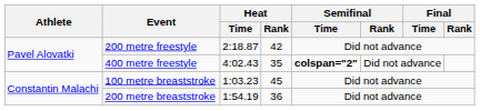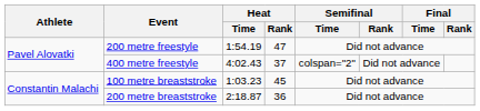 <table class="wikitable" style="text-align:center; font-size:90%; width:50%;">
 <tr>
 <th rowspan="2">Athlete</th>
 <th rowspan="2">Event</th>
 <th colspan="2">Heat</th>
 <th colspan="2">Semifinal</th>
 <th colspan="2">Final</th>
 </tr>
 <tr style="font-size:95%">
 <th>Time</th>
 <th>Rank</th>
 <th>Time</th>
 <th>Rank</th>
 <th>Time</th>
 <th>Rank</th>
 </tr>
 <tr>
 <td align=left rowspan=2><a href='#'>Pavel Alovatki</a></td>
 <td align=left><a href='#'>200 metre freestyle</a></td>
-<td>2:18.87</td>
-<td>42</td>
+<td>1:54.19</td>
+<td>47</td>
 <td colspan=4>Did not advance</td>
 </tr>
 <tr>
 <td align=left><a href='#'>400 metre freestyle</a></td>
 <td>4:02.43</td>
-<td>35</td>
-<td><strong>colspan="2" </strong></td>
+<td>37</td>
+<td>colspan="2" </td>
 <td colspan="2">Did not advance</td>
 </tr>
 <tr>
 <td align=left rowspan=2><a href='#'>Constantin Malachi</a></td>
 <td align=left><a href='#'>100 metre breaststroke</a></td>
 <td>1:03.23</td>
 <td>45</td>
 <td colspan=4>Did not advance</td>
 </tr>
 <tr>
 <td align=left><a href='#'>200 metre breaststroke</a></td>
-<td>1:54.19</td>
+<td>2:18.87</td>
 <td>36</td>
 <td colspan=4>Did not advance</td>
 </tr>
 </table>
